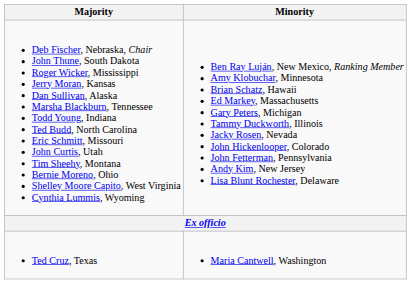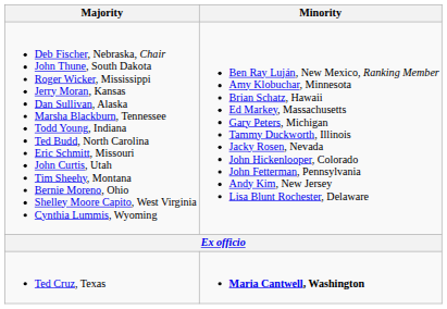 <table class=wikitable>
 <tr>
 <th>Majority</th>
 <th>Minority</th>
 </tr>
 <tr>
 <td><br><ul><li><a href='#'>Deb Fischer</a>, Nebraska, <em>Chair</em></li><li><a href='#'>John Thune</a>, South Dakota</li><li><a href='#'>Roger Wicker</a>, Mississippi</li><li><a href='#'>Jerry Moran</a>, Kansas</li><li><a href='#'>Dan Sullivan</a>, Alaska</li><li><a href='#'>Marsha Blackburn</a>, Tennessee</li><li><a href='#'>Todd Young</a>, Indiana</li><li><a href='#'>Ted Budd</a>, North Carolina</li><li><a href='#'>Eric Schmitt</a>, Missouri</li><li><a href='#'>John Curtis</a>, Utah</li><li><a href='#'>Tim Sheehy</a>, Montana</li><li><a href='#'>Bernie Moreno</a>, Ohio</li><li><a href='#'>Shelley Moore Capito</a>, West Virginia</li><li><a href='#'>Cynthia Lummis</a>, Wyoming</li></ul></td>
 <td><br><ul><li><a href='#'>Ben Ray Luján</a>, New Mexico, <em>Ranking Member</em></li><li><a href='#'>Amy Klobuchar</a>, Minnesota</li><li><a href='#'>Brian Schatz</a>, Hawaii</li><li><a href='#'>Ed Markey</a>, Massachusetts</li><li><a href='#'>Gary Peters</a>, Michigan</li><li><a href='#'>Tammy Duckworth</a>, Illinois</li><li><a href='#'>Jacky Rosen</a>, Nevada</li><li><a href='#'>John Hickenlooper</a>, Colorado</li><li><a href='#'>John Fetterman</a>, Pennsylvania</li><li><a href='#'>Andy Kim</a>, New Jersey</li><li><a href='#'>Lisa Blunt Rochester</a>, Delaware</li></ul></td>
 </tr>
 <tr>
 <th colspan=2><em><a href='#'>Ex officio</a></em></th>
 </tr>
 <tr>
 <td><br><ul><li><a href='#'>Ted Cruz</a>, Texas</li></ul></td>
-<td><br><ul><li><a href='#'>Maria Cantwell</a>, Washington</li></ul></td>
+<td><strong><br><ul><li><a href='#'>Maria Cantwell</a>, Washington</li></ul></strong></td>
 </tr>
 </table>
